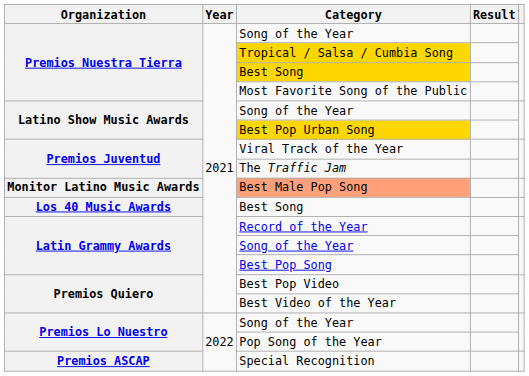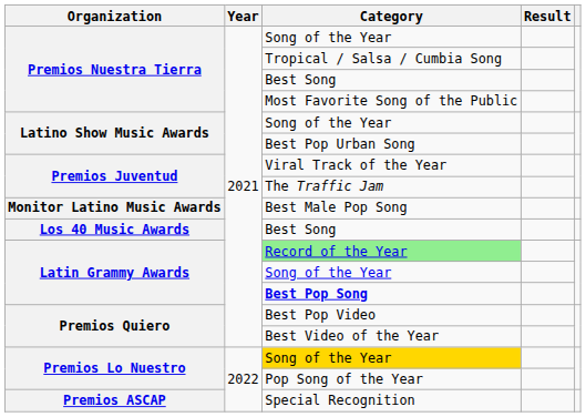 <table class="wikitable sortable plainrowheaders" style="border:none; margin:0;">
 <tr>
 <th scope="col">Organization</th>
 <th scope="col">Year</th>
 <th scope="col">Category</th>
 <th scope="col">Result</th>
 <th class="unsortable" scope="col"></th>
 </tr>
 <tr>
 <th rowspan="4" scope="row"><a href='#'>Premios Nuestra Tierra</a></th>
 <td rowspan="15" scope="row">2021</td>
 <td>Song of the Year</td>
 <td></td>
 <td rowspan="4" style="text-align:center;"></td>
 </tr>
 <tr>
-<td style="background: gold;">Tropical / Salsa / Cumbia Song</td>
+<td>Tropical / Salsa / Cumbia Song</td>
 <td></td>
 </tr>
 <tr>
-<td style="background: gold;">Best Song</td>
+<td>Best Song</td>
 <td></td>
 </tr>
 <tr>
 <td>Most Favorite Song of the Public</td>
 <td></td>
 </tr>
 <tr>
 <th rowspan="2" scope="row">Latino Show Music Awards</th>
 <td>Song of the Year</td>
 <td></td>
 <td rowspan="2" style="text-align:center;"></td>
 </tr>
 <tr>
-<td style="background: gold;">Best Pop Urban Song</td>
+<td>Best Pop Urban Song</td>
 <td></td>
 </tr>
 <tr>
 <th rowspan="2" scope="row"><a href='#'>Premios Juventud</a></th>
 <td>Viral Track of the Year</td>
 <td></td>
 <td rowspan="2" style="text-align:center;"></td>
 </tr>
 <tr>
 <td>The <em>Traffic Jam</em></td>
 <td></td>
 </tr>
 <tr>
 <th scope="row">Monitor Latino Music Awards</th>
-<td style="background: lightsalmon;">Best Male Pop Song</td>
+<td>Best Male Pop Song</td>
 <td></td>
 <td style="text-align:center;"></td>
 </tr>
 <tr>
 <th scope="row"><a href='#'>Los 40 Music Awards</a></th>
 <td>Best Song</td>
 <td></td>
 <td style="text-align:center;"></td>
 </tr>
 <tr>
 <th rowspan="3" scope="row"><a href='#'>Latin Grammy Awards</a></th>
-<td><a href='#'>Record of the Year</a></td>
+<td style="background: lightgreen;"><a href='#'>Record of the Year</a></td>
 <td></td>
 <td rowspan="3" style="text-align:center;"></td>
 </tr>
 <tr>
 <td><a href='#'>Song of the Year</a></td>
 <td></td>
 </tr>
 <tr>
-<td><a href='#'>Best Pop Song</a></td>
+<td><strong><a href='#'>Best Pop Song</a></strong></td>
 <td></td>
 </tr>
 <tr>
 <th rowspan="2" scope="row">Premios Quiero</th>
 <td>Best Pop Video</td>
 <td></td>
 <td rowspan="2" style="text-align:center;"></td>
 </tr>
 <tr>
 <td>Best Video of the Year</td>
 <td></td>
 </tr>
 <tr>
 <th rowspan="2" scope="row"><a href='#'>Premios Lo Nuestro</a></th>
 <td rowspan="3">2022</td>
-<td>Song of the Year</td>
+<td style="background: gold;">Song of the Year</td>
 <td></td>
 <td rowspan="2" style="text-align:center;"></td>
 </tr>
 <tr>
 <td>Pop Song of the Year</td>
 <td></td>
 </tr>
 <tr>
 <th scope="row"><a href='#'>Premios ASCAP</a></th>
 <td>Special Recognition</td>
 <td></td>
 <td style="text-align:center;"></td>
 </tr>
 </table>
